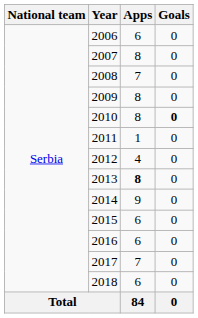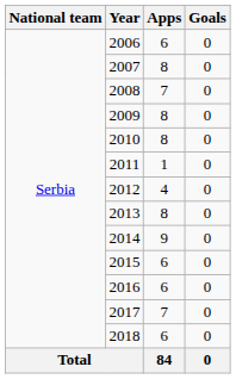 <table class="wikitable" style="text-align:center">
 <tr>
 <th>National team</th>
 <th>Year</th>
 <th>Apps</th>
 <th>Goals</th>
 </tr>
 <tr>
 <td rowspan="13"><a href='#'>Serbia</a></td>
 <td>2006</td>
 <td>6</td>
 <td>0</td>
 </tr>
 <tr>
 <td>2007</td>
 <td>8</td>
 <td>0</td>
 </tr>
 <tr>
 <td>2008</td>
 <td>7</td>
 <td>0</td>
 </tr>
 <tr>
 <td>2009</td>
 <td>8</td>
 <td>0</td>
 </tr>
 <tr>
 <td>2010</td>
 <td>8</td>
-<td><strong>0</strong></td>
+<td>0</td>
 </tr>
 <tr>
 <td>2011</td>
 <td>1</td>
 <td>0</td>
 </tr>
 <tr>
 <td>2012</td>
 <td>4</td>
 <td>0</td>
 </tr>
 <tr>
 <td>2013</td>
-<td><strong>8</strong></td>
+<td>8</td>
 <td>0</td>
 </tr>
 <tr>
 <td>2014</td>
 <td>9</td>
 <td>0</td>
 </tr>
 <tr>
 <td>2015</td>
 <td>6</td>
 <td>0</td>
 </tr>
 <tr>
 <td>2016</td>
 <td>6</td>
 <td>0</td>
 </tr>
 <tr>
 <td>2017</td>
 <td>7</td>
 <td>0</td>
 </tr>
 <tr>
 <td>2018</td>
 <td>6</td>
 <td>0</td>
 </tr>
 <tr>
 <th colspan="2">Total</th>
 <th>84</th>
 <th>0</th>
 </tr>
 </table>
